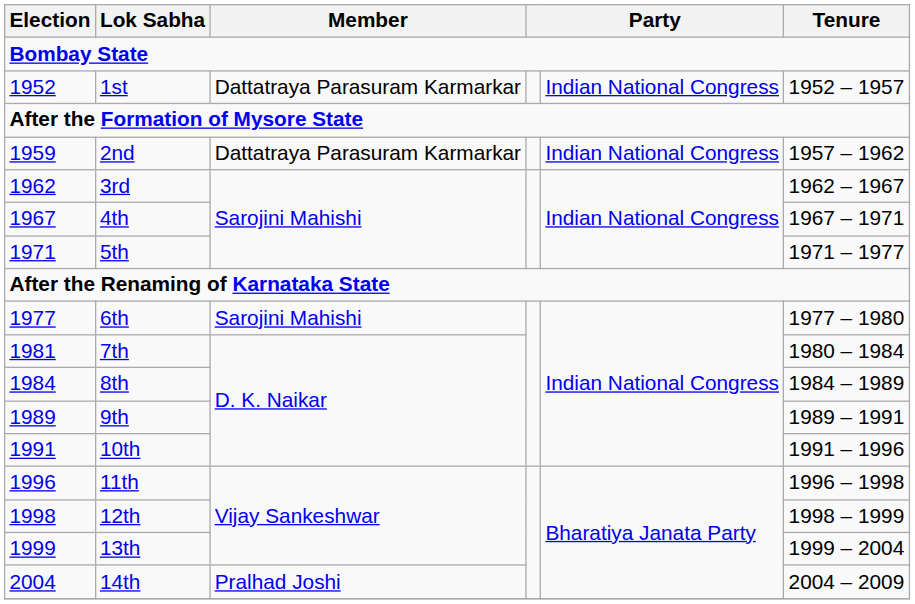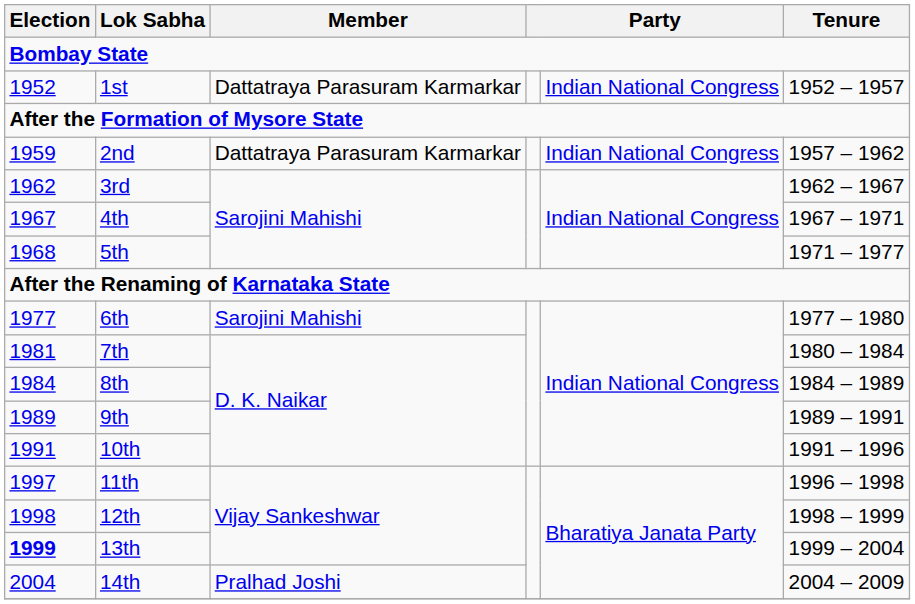 <table class="wikitable sortable">
 <tr>
 <th>Election</th>
 <th>Lok Sabha</th>
 <th>Member</th>
 <th colspan="2">Party</th>
 <th>Tenure</th>
 </tr>
 <tr>
 <td colspan=6><strong><a href='#'>Bombay State</a></strong> </td>
 </tr>
 <tr>
 <td><a href='#'>1952</a></td>
 <td><a href='#'>1st</a></td>
 <td>Dattatraya Parasuram Karmarkar</td>
 <td width="4px" style="background-color: "></td>
 <td><a href='#'>Indian National Congress</a></td>
 <td>1952 – 1957</td>
 </tr>
 <tr>
 <td colspan=6><strong>After the <a href='#'>Formation of Mysore State</a></strong></td>
 </tr>
 <tr>
 <td><a href='#'>1959</a></td>
 <td><a href='#'>2nd</a></td>
 <td>Dattatraya Parasuram Karmarkar</td>
 <td width="4px" style="background-color: "></td>
 <td><a href='#'>Indian National Congress</a></td>
 <td>1957 – 1962</td>
 </tr>
 <tr>
 <td><a href='#'>1962</a></td>
 <td><a href='#'>3rd</a></td>
 <td rowspan="3"><a href='#'>Sarojini Mahishi</a></td>
 <td rowspan="3" width="4px" style="background-color: "></td>
 <td rowspan="3"><a href='#'>Indian National Congress</a></td>
 <td>1962 – 1967</td>
 </tr>
 <tr>
 <td><a href='#'>1967</a></td>
 <td><a href='#'>4th</a></td>
 <td>1967 – 1971</td>
 </tr>
 <tr>
-<td><a href='#'>1971</a></td>
+<td><a href='#'>1968</a></td>
 <td><a href='#'>5th</a></td>
 <td>1971 – 1977</td>
 </tr>
 <tr>
 <td colspan=6><strong>After the Renaming of <a href='#'>Karnataka State</a></strong></td>
 </tr>
 <tr>
 <td><a href='#'>1977</a></td>
 <td><a href='#'>6th</a></td>
 <td><a href='#'>Sarojini Mahishi</a></td>
 <td rowspan="5" width="4px" style="background-color: "></td>
 <td rowspan="5"><a href='#'>Indian National Congress</a></td>
 <td>1977 – 1980</td>
 </tr>
 <tr>
 <td><a href='#'>1981</a></td>
 <td><a href='#'>7th</a></td>
 <td rowspan="4"><a href='#'>D. K. Naikar</a></td>
 <td>1980 – 1984</td>
 </tr>
 <tr>
 <td><a href='#'>1984</a></td>
 <td><a href='#'>8th</a></td>
 <td>1984 – 1989</td>
 </tr>
 <tr>
 <td><a href='#'>1989</a></td>
 <td><a href='#'>9th</a></td>
 <td>1989 – 1991</td>
 </tr>
 <tr>
 <td><a href='#'>1991</a></td>
 <td><a href='#'>10th</a></td>
 <td>1991 – 1996</td>
 </tr>
 <tr>
-<td><a href='#'>1996</a></td>
+<td><a href='#'>1997</a></td>
 <td><a href='#'>11th</a></td>
 <td rowspan="3"><a href='#'>Vijay Sankeshwar</a></td>
 <td rowspan="4" width="4px" style="background-color: "></td>
 <td rowspan="4"><a href='#'>Bharatiya Janata Party</a></td>
 <td>1996 – 1998</td>
 </tr>
 <tr>
 <td><a href='#'>1998</a></td>
 <td><a href='#'>12th</a></td>
 <td>1998 – 1999</td>
 </tr>
 <tr>
-<td><a href='#'>1999</a></td>
+<td><strong><a href='#'>1999</a></strong></td>
 <td><a href='#'>13th</a></td>
 <td>1999 – 2004</td>
 </tr>
 <tr>
 <td><a href='#'>2004</a></td>
 <td><a href='#'>14th</a></td>
 <td><a href='#'>Pralhad Joshi</a></td>
 <td>2004 – 2009</td>
 </tr>
 <tr>
 </tr>
 </table>
